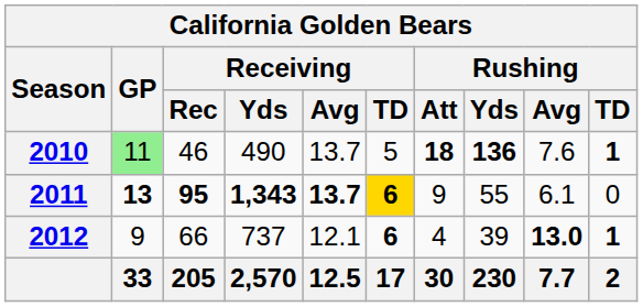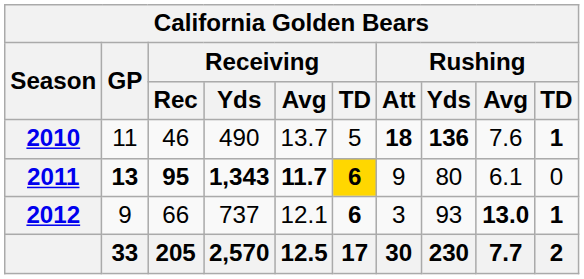 <table class="wikitable" style="text-align: center;">
 <tr>
 <th colspan="13">California Golden Bears</th>
 </tr>
 <tr>
 <th rowspan="2">Season</th>
 <th rowspan="2">GP</th>
 <th colspan="4">Receiving</th>
 <th colspan="4">Rushing</th>
 </tr>
 <tr>
 <th>Rec</th>
 <th>Yds</th>
 <th>Avg</th>
 <th>TD</th>
 <th>Att</th>
 <th>Yds</th>
 <th>Avg</th>
 <th>TD</th>
 </tr>
 <tr>
 <th><a href='#'>2010</a></th>
-<td style="background: lightgreen;">11</td>
+<td>11</td>
 <td>46</td>
 <td>490</td>
 <td>13.7</td>
 <td>5</td>
 <td><strong>18</strong></td>
 <td><strong>136</strong></td>
 <td>7.6</td>
 <td><strong>1</strong></td>
 </tr>
 <tr>
 <th><a href='#'>2011</a></th>
 <td><strong>13</strong></td>
 <td><strong>95</strong></td>
 <td><strong>1,343</strong></td>
-<td><strong>13.7</strong></td>
+<td><strong>11.7</strong></td>
 <td style="background: gold;"><strong>6</strong></td>
 <td>9</td>
-<td>55</td>
+<td>80</td>
 <td>6.1</td>
 <td>0</td>
 </tr>
 <tr>
 <th><a href='#'>2012</a></th>
 <td>9</td>
 <td>66</td>
 <td>737</td>
 <td>12.1</td>
 <td><strong>6</strong></td>
-<td>4</td>
-<td>39</td>
+<td>3</td>
+<td>93</td>
 <td><strong>13.0</strong></td>
 <td><strong>1</strong></td>
 </tr>
 <tr>
 <th></th>
 <th>33</th>
 <th>205</th>
 <th>2,570</th>
 <th>12.5</th>
 <th>17</th>
 <th>30</th>
 <th>230</th>
 <th>7.7</th>
 <th>2</th>
 </tr>
 </table>
